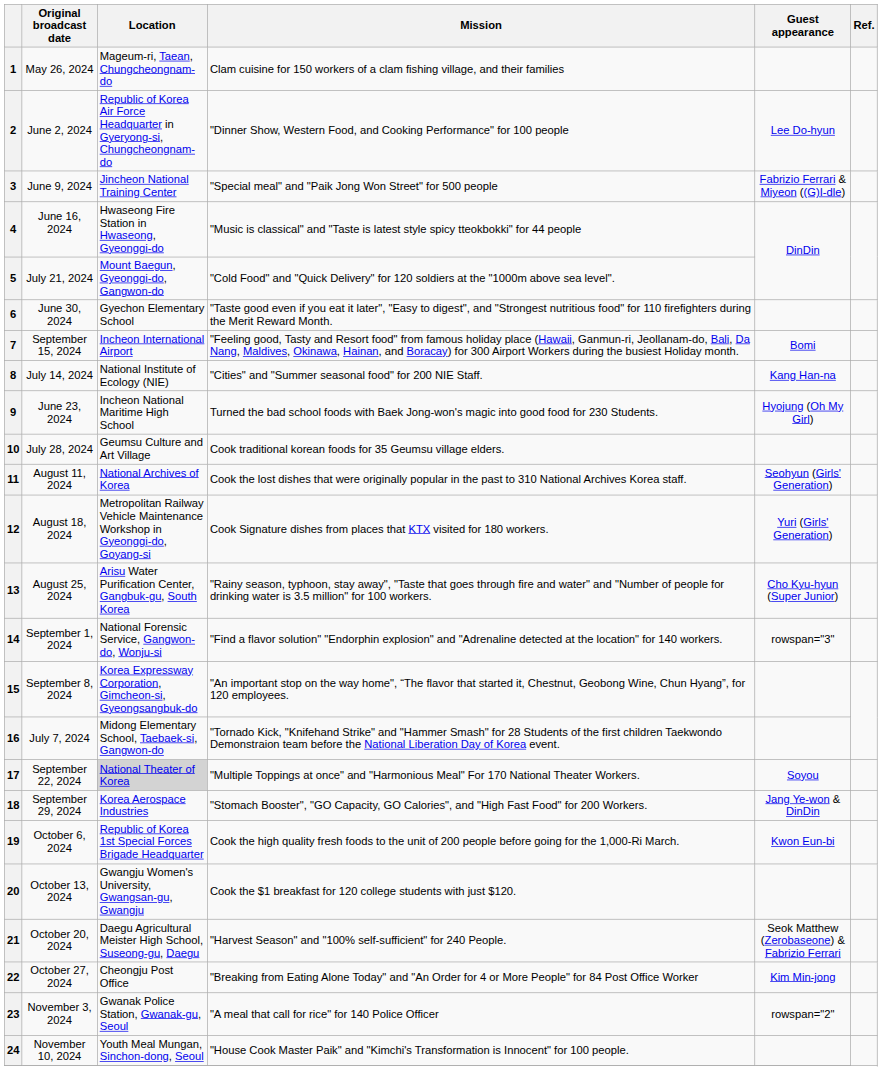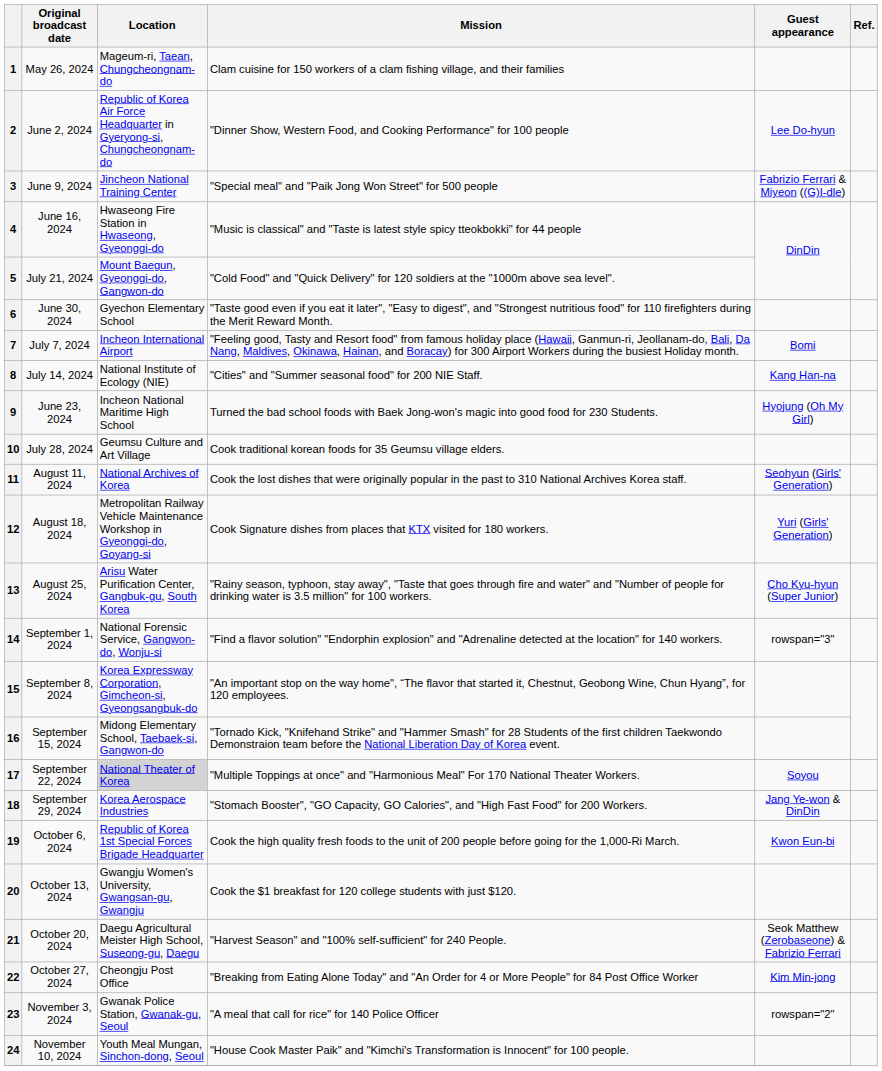 <table class="wikitable" style="text-align:center">
 <tr>
 <th></th>
 <th scope="col" style="width: 100px;">Original broadcast date</th>
 <th scope="col" style="width: 150px;">Location</th>
 <th scope="col">Mission</th>
 <th scope="col" style="width: 130px;">Guest appearance</th>
 <th>Ref.</th>
 </tr>
 <tr>
 <th>1</th>
 <td>May 26, 2024</td>
 <td style="text-align:left;">Mageum-ri, <a href='#'>Taean</a>, <a href='#'>Chungcheongnam-do</a></td>
 <td style="text-align:left;">Clam cuisine for 150 workers of a clam fishing village, and their families</td>
 <td></td>
 <td></td>
 </tr>
 <tr>
 <th>2</th>
 <td>June 2, 2024</td>
 <td style="text-align:left;"><a href='#'>Republic of Korea Air Force Headquarter</a> in <a href='#'>Gyeryong-si</a>, <a href='#'>Chungcheongnam-do</a></td>
 <td style="text-align:left;">"Dinner Show, Western Food, and Cooking Performance" for 100 people</td>
 <td><a href='#'>Lee Do-hyun</a></td>
 <td></td>
 </tr>
 <tr>
 <th>3</th>
 <td>June 9, 2024</td>
 <td style="text-align:left;"><a href='#'>Jincheon National Training Center</a><br></td>
 <td style="text-align:left;">"Special meal" and "Paik Jong Won Street" for 500 people</td>
 <td><a href='#'>Fabrizio Ferrari</a> & <a href='#'>Miyeon</a> (<a href='#'>(G)I-dle</a>)</td>
 <td></td>
 </tr>
 <tr>
 <th>4</th>
 <td>June 16, 2024<br><br></td>
 <td style="text-align:left;">Hwaseong Fire Station in <a href='#'>Hwaseong</a>, <a href='#'>Gyeonggi-do</a></td>
 <td style="text-align:left;">"Music is classical" and  "Taste is latest style spicy tteokbokki" for 44 people</td>
 <td rowspan="2"><a href='#'>DinDin</a></td>
 <td rowspan="2"></td>
 </tr>
 <tr>
 <th>5</th>
 <td>July 21, 2024</td>
 <td style="text-align:left;"><a href='#'>Mount Baegun</a>, <a href='#'>Gyeonggi-do</a>, <a href='#'>Gangwon-do</a></td>
 <td style="text-align:left;">"Cold Food" and  "Quick Delivery" for 120 soldiers at the "1000m above sea level".</td>
 </tr>
 <tr>
 <th>6</th>
 <td>June 30, 2024</td>
 <td style="text-align:left;">Gyechon Elementary School</td>
 <td style="text-align:left;">"Taste good even if you eat it later", "Easy to digest", and "Strongest nutritious food" for 110 firefighters during the Merit Reward Month.</td>
 <td></td>
 <td></td>
 </tr>
 <tr>
 <th>7</th>
-<td>September 15, 2024</td>
+<td>July 7, 2024</td>
 <td style="text-align:left;"><a href='#'>Incheon International Airport</a></td>
 <td style="text-align:left;">"Feeling good, Tasty and Resort food" from famous holiday place (<a href='#'>Hawaii</a>, Ganmun-ri, Jeollanam-do, <a href='#'>Bali</a>, <a href='#'>Da Nang</a>, <a href='#'>Maldives</a>, <a href='#'>Okinawa</a>, <a href='#'>Hainan</a>, and <a href='#'>Boracay</a>) for 300 Airport Workers during the busiest Holiday month.</td>
 <td><a href='#'>Bomi</a></td>
 <td></td>
 </tr>
 <tr>
 <th>8</th>
 <td>July 14, 2024</td>
 <td style="text-align:left;">National Institute of Ecology (NIE)</td>
 <td style="text-align:left;">"Cities" and "Summer seasonal food" for 200 NIE Staff.</td>
 <td><a href='#'>Kang Han-na</a></td>
 <td></td>
 </tr>
 <tr>
 <th>9</th>
 <td>June 23, 2024</td>
 <td style="text-align:left;">Incheon National Maritime High School<br></td>
 <td style="text-align:left;">Turned the bad school foods with Baek Jong-won's magic into good food for 230 Students.</td>
 <td><a href='#'>Hyojung</a> (<a href='#'>Oh My Girl</a>)</td>
 <td></td>
 </tr>
 <tr>
 <th>10</th>
 <td>July 28, 2024</td>
 <td style="text-align:left;">Geumsu Culture and Art Village</td>
 <td style="text-align:left;">Cook traditional korean foods for 35 Geumsu village elders.</td>
 <td></td>
 <td></td>
 </tr>
 <tr>
 <th>11</th>
 <td>August 11, 2024<br></td>
 <td style="text-align:left;"><a href='#'>National Archives of Korea</a></td>
 <td style="text-align:left;">Cook the lost dishes that were originally popular in the past to 310 National Archives Korea staff.</td>
 <td><a href='#'>Seohyun</a> (<a href='#'>Girls' Generation</a>)</td>
 <td></td>
 </tr>
 <tr>
 <th>12</th>
 <td>August 18, 2024</td>
 <td style="text-align:left;">Metropolitan Railway Vehicle Maintenance Workshop in <a href='#'>Gyeonggi-do</a>, <a href='#'>Goyang-si</a></td>
 <td style="text-align:left;">Cook Signature dishes from places that <a href='#'>KTX</a> visited for 180 workers.</td>
 <td><a href='#'>Yuri</a> (<a href='#'>Girls' Generation</a>)</td>
 <td></td>
 </tr>
 <tr>
 <th>13</th>
 <td>August 25, 2024</td>
 <td style="text-align:left;"><a href='#'>Arisu</a> Water Purification Center, <a href='#'>Gangbuk-gu</a>, <a href='#'>South Korea</a></td>
 <td style="text-align:left;">"Rainy season, typhoon, stay away", "Taste that goes through fire and water" and "Number of people for drinking water is 3.5 million" for 100 workers.</td>
 <td><a href='#'>Cho Kyu-hyun</a> (<a href='#'>Super Junior</a>)</td>
 <td></td>
 </tr>
 <tr>
 <th>14</th>
 <td>September 1, 2024</td>
 <td style="text-align:left;">National Forensic Service, <a href='#'>Gangwon-do</a>, <a href='#'>Wonju-si</a></td>
 <td style="text-align:left;">"Find a flavor solution" "Endorphin explosion" and "Adrenaline detected at the location" for 140 workers.</td>
 <td>rowspan="3" </td>
 <td></td>
 </tr>
 <tr>
 <th>15</th>
 <td>September 8, 2024</td>
 <td style="text-align:left;"><a href='#'>Korea Expressway Corporation</a>, <a href='#'>Gimcheon-si</a>, <a href='#'>Gyeongsangbuk-do</a></td>
 <td style="text-align:left;">"An important stop on the way home", “The flavor that started it, Chestnut, Geobong Wine, Chun Hyang”, for 120 employees.</td>
 <td></td>
 </tr>
 <tr>
 <th>16</th>
-<td>July 7, 2024</td>
+<td>September 15, 2024</td>
 <td style="text-align:left;">Midong Elementary School, <a href='#'>Taebaek-si</a>, <a href='#'>Gangwon-do</a></td>
 <td style="text-align:left;">"Tornado Kick, "Knifehand Strike" and "Hammer Smash" for 28 Students of the first children Taekwondo Demonstraion team before the <a href='#'>National Liberation Day of Korea</a> event.</td>
 <td></td>
 </tr>
 <tr>
 <th>17</th>
 <td>September 22, 2024</td>
 <td style="background: lightgrey; text-align:left;"><a href='#'>National Theater of Korea</a></td>
 <td style="text-align:left;">"Multiple Toppings at once" and "Harmonious Meal" For 170 National Theater Workers.</td>
 <td><a href='#'>Soyou</a></td>
 <td></td>
 </tr>
 <tr>
 <th>18</th>
 <td>September 29, 2024<br></td>
 <td style="text-align:left;"><a href='#'>Korea Aerospace Industries</a></td>
 <td style="text-align:left;">"Stomach Booster", "GO Capacity, GO Calories", and "High Fast Food" for 200 Workers.</td>
 <td><a href='#'>Jang Ye-won</a> & <a href='#'>DinDin</a></td>
 <td></td>
 </tr>
 <tr>
 <th>19</th>
 <td>October 6, 2024</td>
 <td style="text-align:left;"><a href='#'>Republic of Korea 1st Special Forces Brigade Headquarter</a></td>
 <td style="text-align:left;">Cook the high quality fresh foods to the unit of 200 people before going for the 1,000-Ri March.</td>
 <td><a href='#'>Kwon Eun-bi</a></td>
 <td></td>
 </tr>
 <tr>
 <th>20</th>
 <td>October 13, 2024</td>
 <td style="text-align:left;">Gwangju Women's University, <a href='#'>Gwangsan-gu</a>, <a href='#'>Gwangju</a></td>
 <td style="text-align:left;">Cook the $1 breakfast for 120 college students with just $120.</td>
 <td></td>
 <td></td>
 </tr>
 <tr>
 <th>21</th>
 <td>October 20, 2024</td>
 <td style="text-align:left;">Daegu Agricultural Meister High School, <a href='#'>Suseong-gu</a>, <a href='#'>Daegu</a></td>
 <td style="text-align:left;">"Harvest Season" and "100% self-sufficient" for 240 People.</td>
 <td>Seok Matthew (<a href='#'>Zerobaseone</a>) & <a href='#'>Fabrizio Ferrari</a></td>
 <td></td>
 </tr>
 <tr>
 <th>22</th>
 <td>October 27, 2024</td>
 <td style="text-align:left;">Cheongju Post Office</td>
 <td style="text-align:left;">"Breaking from Eating Alone Today" and "An Order for 4 or More People" for 84 Post Office Worker</td>
 <td><a href='#'>Kim Min-jong</a><br></td>
 <td></td>
 </tr>
 <tr>
 <th>23</th>
 <td>November 3, 2024</td>
 <td style="text-align:left;">Gwanak Police Station, <a href='#'>Gwanak-gu</a>, <a href='#'>Seoul</a></td>
 <td style="text-align:left;">"A meal that call for rice" for 140 Police Officer</td>
 <td>rowspan="2" </td>
 <td></td>
 </tr>
 <tr>
 <th>24</th>
 <td>November 10, 2024</td>
 <td style="text-align:left;">Youth Meal Mungan, <a href='#'>Sinchon-dong</a>, <a href='#'>Seoul</a></td>
 <td style="text-align:left;">"House Cook Master Paik" and "Kimchi's Transformation is Innocent" for 100 people.</td>
 <td></td>
 </tr>
 <tr>
 </tr>
 </table>
